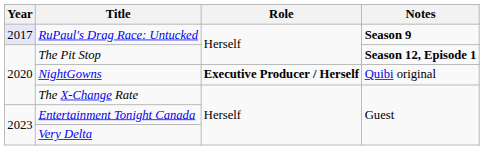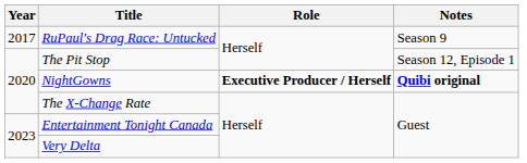 <table class="wikitable plainrowheaders" style="text-align:left;">
 <tr>
 <th>Year</th>
 <th>Title</th>
 <th>Role</th>
 <th>Notes</th>
 </tr>
 <tr>
-<td style="background: lavender;">2017</td>
+<td>2017</td>
 <td><em><a href='#'>RuPaul's Drag Race: Untucked</a></em></td>
 <td rowspan="2">Herself</td>
-<td><strong>Season 9</strong></td>
+<td>Season 9</td>
 </tr>
 <tr>
 <td rowspan="3">2020</td>
 <td><em>The Pit Stop</em></td>
-<td><strong>Season 12, Episode 1</strong></td>
+<td>Season 12, Episode 1</td>
 </tr>
 <tr>
 <td><em><a href='#'>NightGowns</a></em></td>
 <td><strong>Executive Producer / Herself</strong></td>
-<td><a href='#'>Quibi</a> original</td>
+<td><strong><a href='#'>Quibi</a> original</strong></td>
 </tr>
 <tr>
 <td><em>The <a href='#'>X-Change</a> Rate</em></td>
 <td rowspan="3">Herself</td>
 <td rowspan="3">Guest</td>
 </tr>
 <tr>
 <td rowspan="2">2023</td>
 <td><em><a href='#'>Entertainment Tonight Canada</a></em></td>
 </tr>
 <tr>
 <td><em><a href='#'>Very Delta</a></em></td>
 </tr>
 </table>
